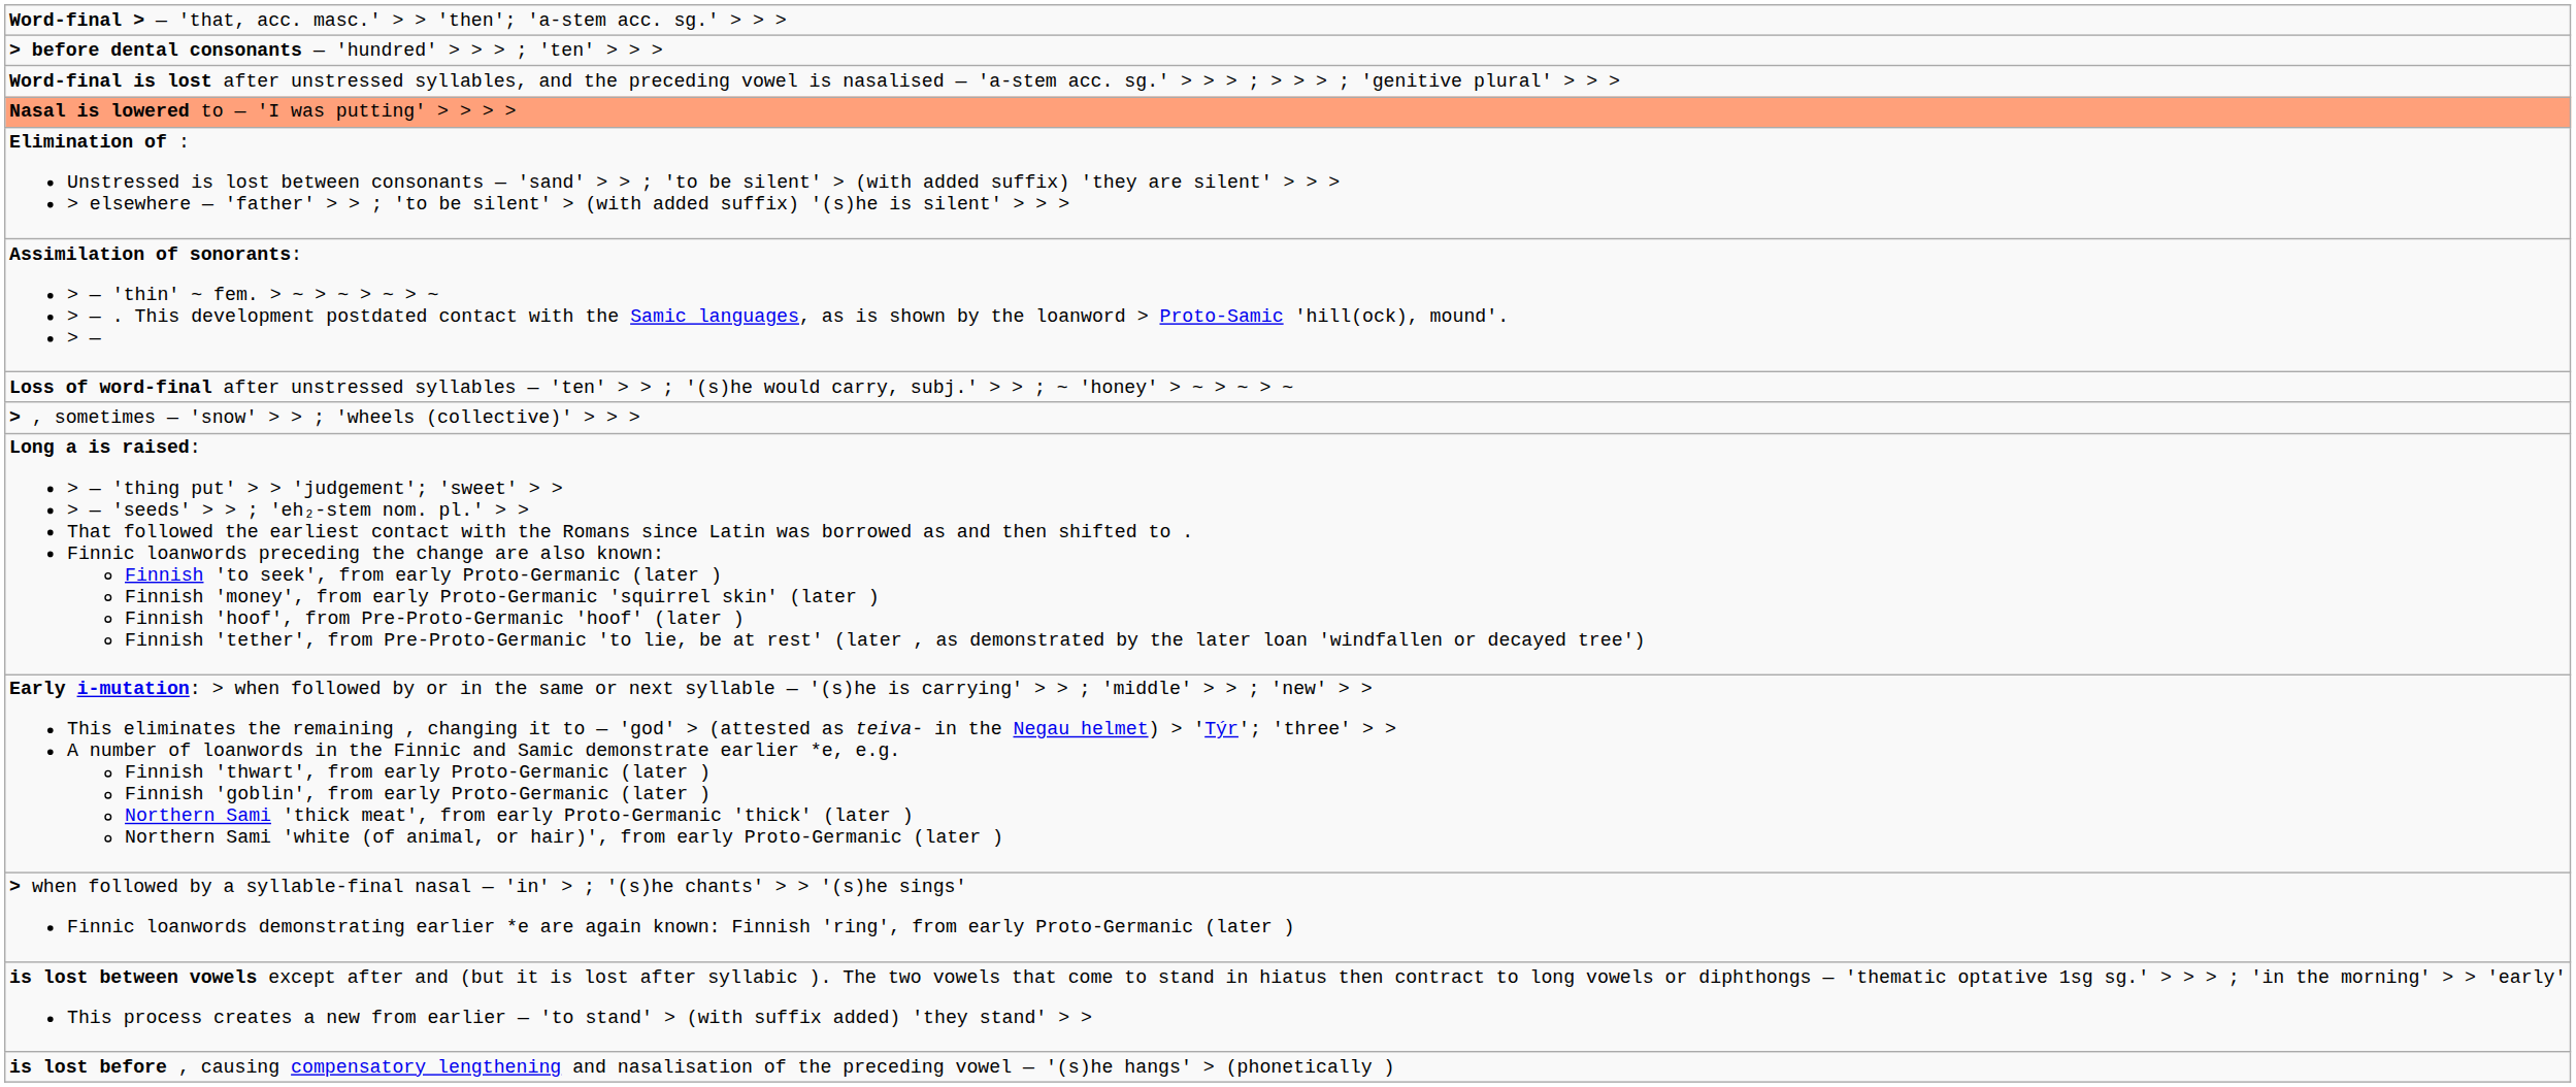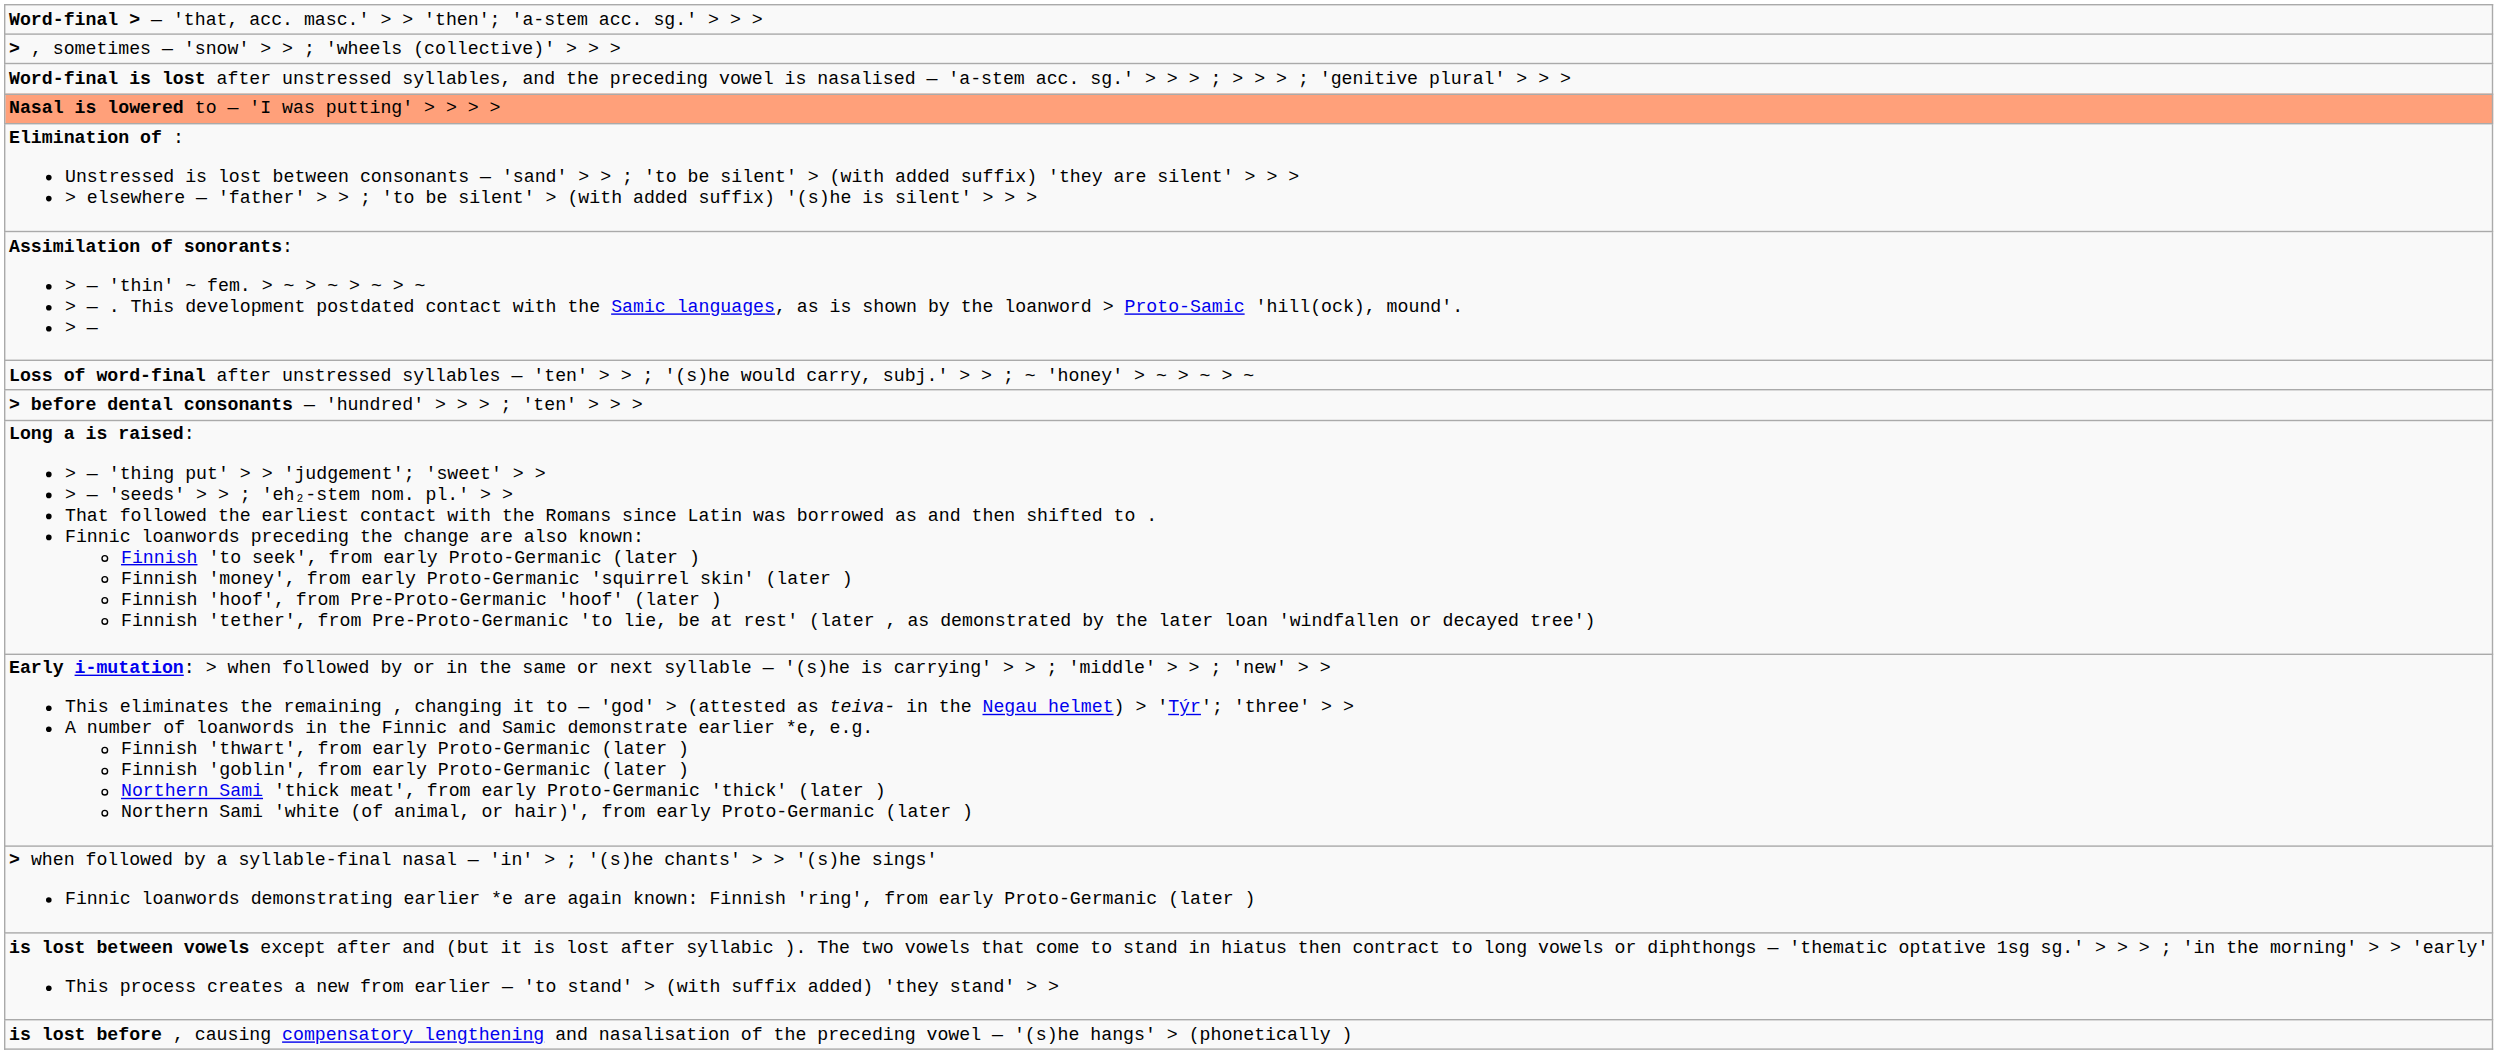 <table class="wikitable">
 <tr>
 <td><strong>Word-final  > </strong> — <em></em> 'that, acc. masc.' >  >  'then'; <em></em> 'a-stem acc. sg.' >  >  > </td>
 </tr>
 <tr>
-<td><strong> >  before dental consonants</strong> — <em></em> 'hundred' > <em></em> > <em></em> > ; <em></em> 'ten' > <em></em> > <em></em> > </td>
+<td><strong> > </strong>, sometimes  — <em></em> 'snow' >  > ; <em></em> 'wheels (collective)' > <em></em> > <em></em> > </td>
 </tr>
 <tr>
 <td><strong>Word-final  is lost</strong> after unstressed syllables, and the preceding vowel is nasalised — <em></em> 'a-stem acc. sg.' > <em></em> > <em></em> > ; <em></em> > <em></em> >  > ; <em></em> 'genitive plural' > <em></em> > <em></em> > </td>
 </tr>
 <tr>
 <td style="background: lightsalmon;"><strong>Nasal  is lowered</strong> to  — <em></em> 'I was putting' >  >  >  > </td>
 </tr>
 <tr>
 <td><strong>Elimination of </strong>:<br><ul><li>Unstressed  is lost between consonants — <em></em> 'sand' >  > ; <em></em> 'to be silent' > (with added suffix) <em></em> 'they are silent' >  >  > </li><li> >  elsewhere — <em></em> 'father' >  > ; <em></em> 'to be silent' > (with added suffix) <em></em> '(s)he is silent' >  >  > </li></ul></td>
 </tr>
 <tr>
 <td><strong>Assimilation of sonorants</strong>:<br><ul><li> >  — <em></em> 'thin' ~ fem. <em></em> > <em></em> ~ <em></em> >  ~  >  ~  >  ~ </li><li> >  — . This development postdated contact with the <a href='#'>Samic languages</a>, as is shown by the loanword  > <a href='#'>Proto-Samic</a>  'hill(ock), mound'.</li><li> >  — </li></ul></td>
 </tr>
 <tr>
 <td><strong>Loss of word-final </strong> after unstressed syllables — <em></em> 'ten' >  > ; <em></em> '(s)he would carry, subj.' >  > ; <em></em> ~ <em></em> 'honey' >  ~  >  ~  >  ~ </td>
 </tr>
 <tr>
-<td><strong> > </strong>, sometimes  — <em></em> 'snow' >  > ; <em></em> 'wheels (collective)' > <em></em> > <em></em> > </td>
+<td><strong> >  before dental consonants</strong> — <em></em> 'hundred' > <em></em> > <em></em> > ; <em></em> 'ten' > <em></em> > <em></em> > </td>
 </tr>
 <tr>
 <td><strong>Long a is raised</strong>:<br><ul><li> >  — <em></em> 'thing put' >  >  'judgement'; <em></em> 'sweet' >  > </li><li> >  — <em></em> 'seeds' >  > ; <em></em> 'eh₂-stem nom. pl.' >  > </li><li>That followed the earliest contact with the Romans since Latin  was borrowed as  and then shifted to .</li><li>Finnic loanwords preceding the change are also known:<ul><li><a href='#'>Finnish</a>  'to seek', from early Proto-Germanic  (later )</li><li>Finnish  'money', from early Proto-Germanic  'squirrel skin' (later )</li><li>Finnish  'hoof', from Pre-Proto-Germanic <em></em> 'hoof' (later )</li><li>Finnish  'tether', from Pre-Proto-Germanic <em></em> 'to lie, be at rest' (later , as demonstrated by the later loan  'windfallen or decayed tree')</li></ul></li></ul></td>
 </tr>
 <tr>
 <td><strong>Early <a href='#'>i-mutation</a></strong>:  >  when followed by  or  in the same or next syllable — <em></em> '(s)he is carrying' >  > ; <em></em> 'middle' >  > ; <em></em> 'new' >  > <br><ul><li>This eliminates the remaining , changing it to  — <em></em> 'god' >  (attested as <em>teiva-</em> in the <a href='#'>Negau helmet</a>) >  '<a href='#'>Týr</a>'; <em></em> 'three' >  > </li><li>A number of loanwords in the Finnic and Samic demonstrate earlier *e, e.g.<ul><li>Finnish  'thwart', from early Proto-Germanic  (later )</li><li>Finnish  'goblin', from early Proto-Germanic  (later )</li><li><a href='#'>Northern Sami</a>  'thick meat', from early Proto-Germanic  'thick' (later )</li><li>Northern Sami  'white (of animal, or hair)', from early Proto-Germanic  (later )</li></ul></li></ul></td>
 </tr>
 <tr>
 <td><strong> > </strong> when followed by a syllable-final nasal —  'in' > ;  '(s)he chants' >  >  '(s)he sings'<br><ul><li>Finnic loanwords demonstrating earlier *e are again known: Finnish  'ring', from early Proto-Germanic  (later )</li></ul></td>
 </tr>
 <tr>
 <td><strong> is lost between vowels</strong> except after  and  (but it is lost after syllabic ). The two vowels that come to stand in hiatus then contract to long vowels or diphthongs — <em></em> 'thematic optative 1sg sg.' >  > <em></em> > ; <em></em> 'in the morning' >  >  'early'<br><ul><li>This process creates a new  from earlier  — <em></em> 'to stand' > (with suffix added) <em></em> 'they stand' >  > </li></ul></td>
 </tr>
 <tr>
 <td><strong> is lost before </strong>, causing <a href='#'>compensatory lengthening</a> and nasalisation of the preceding vowel — <em></em> '(s)he hangs' >  (phonetically )</td>
 </tr>
 </table>
